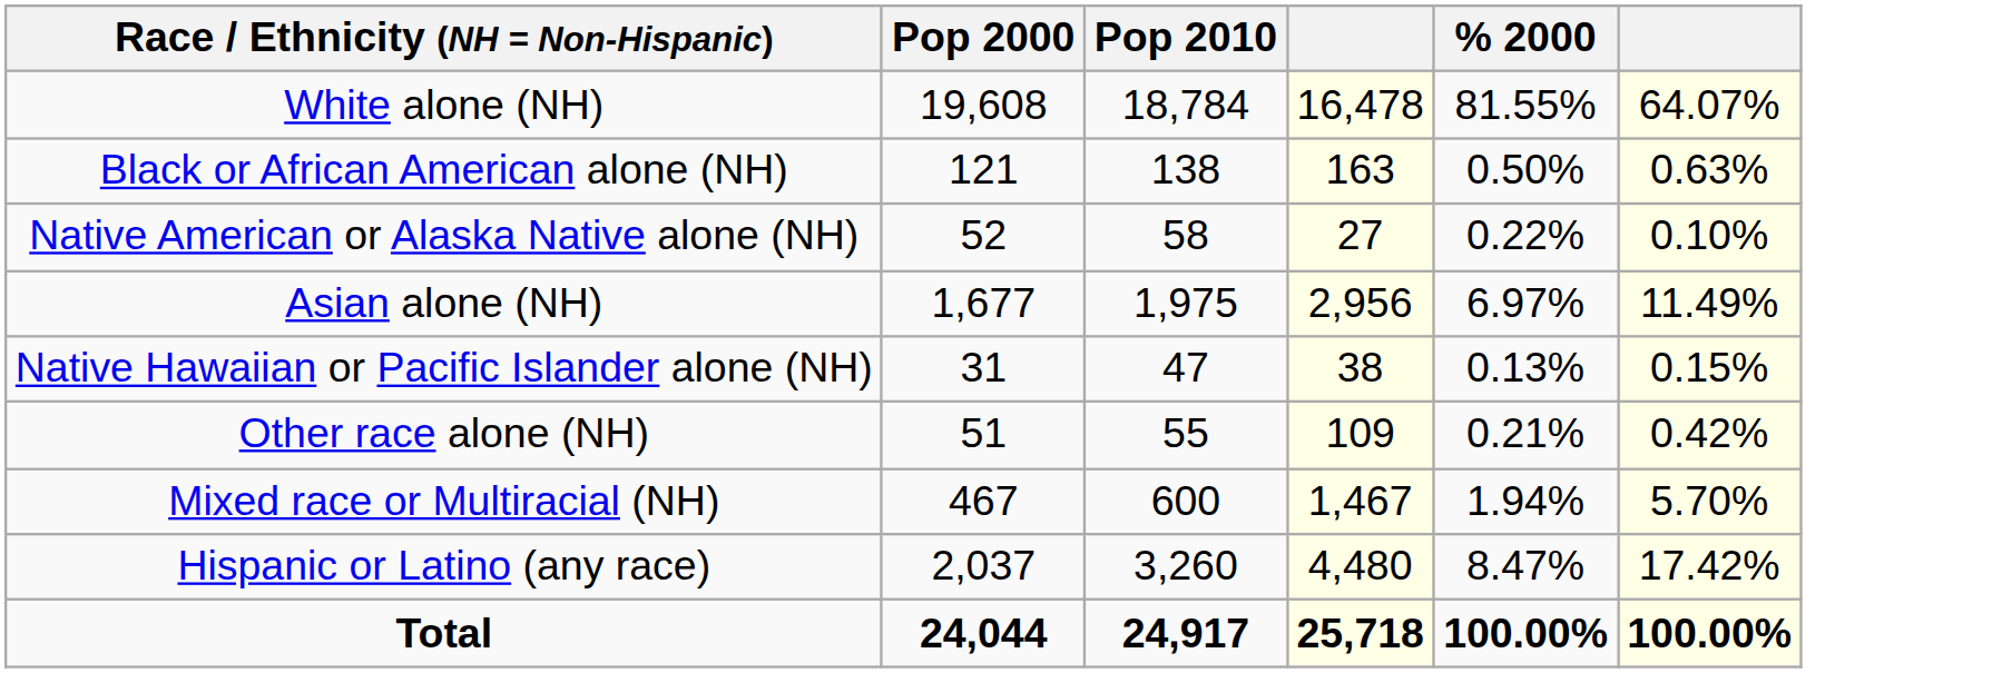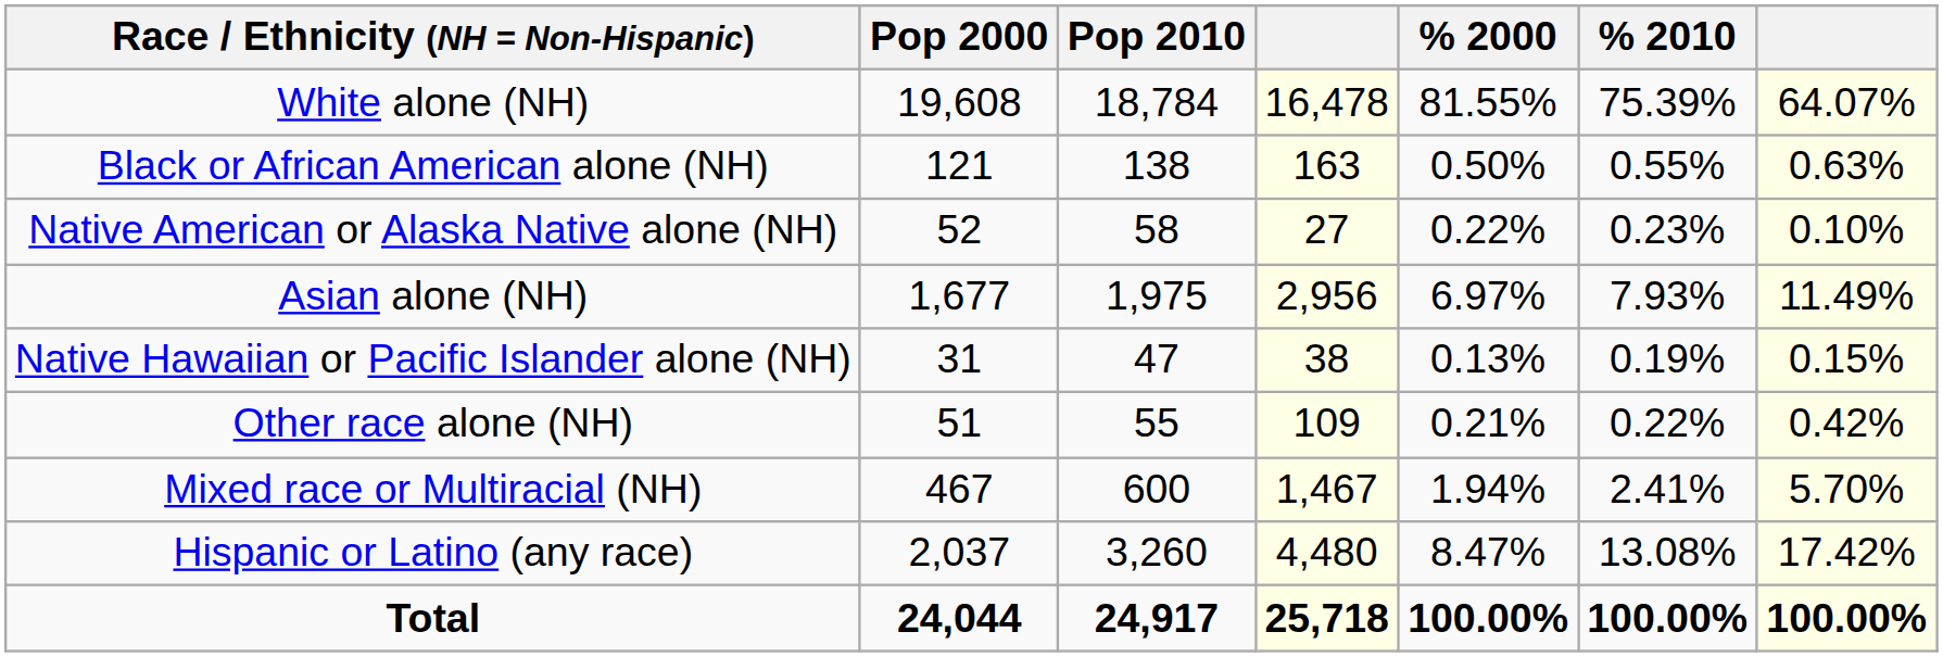 <table class="wikitable" style="text-align:center;">
 <tr>
 <th>Race / Ethnicity <small>(<em>NH = Non-Hispanic</em>)</small></th>
 <th>Pop 2000</th>
 <th>Pop 2010</th>
 <th></th>
 <th>% 2000</th>
+<th>% 2010</th>
 <th></th>
 </tr>
 <tr>
 <td><a href='#'>White</a> alone (NH)</td>
 <td>19,608</td>
 <td>18,784</td>
 <td style='background: #ffffe6;'>16,478</td>
 <td>81.55%</td>
+<td>75.39%</td>
 <td style='background: #ffffe6;'>64.07%</td>
 </tr>
 <tr>
 <td><a href='#'>Black or African American</a> alone (NH)</td>
 <td>121</td>
 <td>138</td>
 <td style='background: #ffffe6;'>163</td>
 <td>0.50%</td>
+<td>0.55%</td>
 <td style='background: #ffffe6;'>0.63%</td>
 </tr>
 <tr>
 <td><a href='#'>Native American</a> or <a href='#'>Alaska Native</a> alone (NH)</td>
 <td>52</td>
 <td>58</td>
 <td style='background: #ffffe6;'>27</td>
 <td>0.22%</td>
+<td>0.23%</td>
 <td style='background: #ffffe6;'>0.10%</td>
 </tr>
 <tr>
 <td><a href='#'>Asian</a> alone (NH)</td>
 <td>1,677</td>
 <td>1,975</td>
 <td style='background: #ffffe6;'>2,956</td>
 <td>6.97%</td>
+<td>7.93%</td>
 <td style='background: #ffffe6;'>11.49%</td>
 </tr>
 <tr>
 <td><a href='#'>Native Hawaiian</a> or <a href='#'>Pacific Islander</a> alone (NH)</td>
 <td>31</td>
 <td>47</td>
 <td style='background: #ffffe6;'>38</td>
 <td>0.13%</td>
+<td>0.19%</td>
 <td style='background: #ffffe6;'>0.15%</td>
 </tr>
 <tr>
 <td><a href='#'>Other race</a> alone (NH)</td>
 <td>51</td>
 <td>55</td>
 <td style='background: #ffffe6;'>109</td>
 <td>0.21%</td>
+<td>0.22%</td>
 <td style='background: #ffffe6;'>0.42%</td>
 </tr>
 <tr>
 <td><a href='#'>Mixed race or Multiracial</a> (NH)</td>
 <td>467</td>
 <td>600</td>
 <td style='background: #ffffe6;'>1,467</td>
 <td>1.94%</td>
+<td>2.41%</td>
 <td style='background: #ffffe6;'>5.70%</td>
 </tr>
 <tr>
 <td><a href='#'>Hispanic or Latino</a> (any race)</td>
 <td>2,037</td>
 <td>3,260</td>
 <td style='background: #ffffe6;'>4,480</td>
 <td>8.47%</td>
+<td>13.08%</td>
 <td style='background: #ffffe6;'>17.42%</td>
 </tr>
 <tr>
 <td><strong>Total</strong></td>
 <td><strong>24,044</strong></td>
 <td><strong>24,917</strong></td>
 <td style='background: #ffffe6;'><strong>25,718</strong></td>
 <td><strong>100.00%</strong></td>
+<td><strong>100.00%</strong></td>
 <td style='background: #ffffe6;'><strong>100.00%</strong></td>
 </tr>
 </table>
